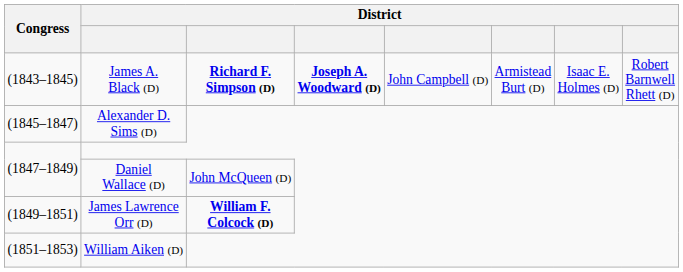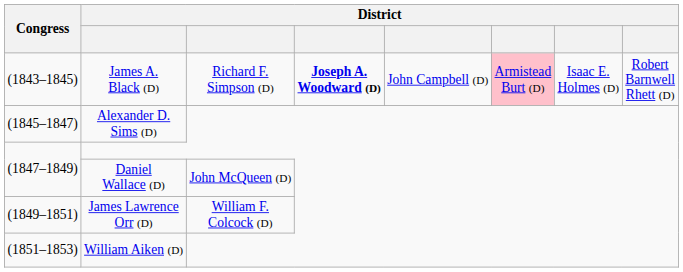 <table class=wikitable style="text-align:center">
 <tr>
 <th rowspan=2>Congress</th>
 <th colspan=7>District</th>
 </tr>
 <tr style="height:2em">
 <th></th>
 <th></th>
 <th></th>
 <th></th>
 <th></th>
 <th></th>
 <th></th>
 </tr>
 <tr style="height:2.5em">
 <td><strong></strong> (1843–1845)</td>
 <td><a href='#'>James A.<br>Black</a> <small>(D)</small></td>
-<td><strong><a href='#'>Richard F.<br>Simpson</a> <small>(D)</small></strong></td>
+<td><a href='#'>Richard F.<br>Simpson</a> <small>(D)</small></td>
 <td><strong><a href='#'>Joseph A.<br>Woodward</a> <small>(D)</small></strong></td>
 <td><a href='#'>John Campbell</a> <small>(D)</small></td>
-<td><a href='#'>Armistead<br>Burt</a> <small>(D)</small></td>
+<td style="background: pink;"><a href='#'>Armistead<br>Burt</a> <small>(D)</small></td>
 <td><a href='#'>Isaac E.<br>Holmes</a> <small>(D)</small></td>
 <td><a href='#'>Robert<br>Barnwell<br>Rhett</a> <small>(D)</small></td>
 </tr>
 <tr style="height:2.5em">
 <td><strong></strong> (1845–1847)</td>
 <td><a href='#'>Alexander D.<br>Sims</a> <small>(D)</small></td>
 </tr>
 <tr style="height:1.25em">
 <td rowspan=2><strong></strong> (1847–1849)</td>
 </tr>
 <tr style="height:1.25em">
 <td><a href='#'>Daniel<br>Wallace</a> <small>(D)</small></td>
 <td><a href='#'>John McQueen</a> <small>(D)</small></td>
 </tr>
 <tr style="height:2.5em">
 <td><strong></strong> (1849–1851)</td>
 <td><a href='#'>James Lawrence<br>Orr</a> <small>(D)</small></td>
-<td><strong><a href='#'>William F.<br>Colcock</a> <small>(D)</small></strong></td>
+<td><a href='#'>William F.<br>Colcock</a> <small>(D)</small></td>
 </tr>
 <tr style="height:2.5em">
 <td><strong></strong> (1851–1853)</td>
 <td><a href='#'>William Aiken</a> <small>(D)</small></td>
 </tr>
 </table>
